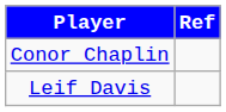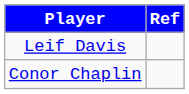 <table class="wikitable" style="text-align:center">
 <tr>
 <th style="background:blue; color:white; width=0%">Player</th>
 <th style="background:blue; color:white; width=0%">Ref</th>
 </tr>
 <tr>
+<td> <a href='#'>Leif Davis</a></td>
+<td></td>
+</tr>
+<tr>
 <td> <a href='#'>Conor Chaplin</a></td>
 <td></td>
 </tr>
-<tr>
-<td> <a href='#'>Leif Davis</a></td>
-<td></td>
-</tr>
 </table>
